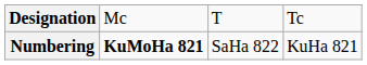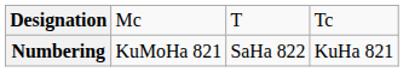 <table class="wikitable">
 <tr>
 <th>Designation</th>
 <td>Mc</td>
 <td>T</td>
 <td>Tc</td>
 </tr>
 <tr>
 <th>Numbering</th>
-<td><strong>KuMoHa 821</strong></td>
+<td>KuMoHa 821</td>
 <td>SaHa 822</td>
 <td>KuHa 821</td>
 </tr>
 </table>
